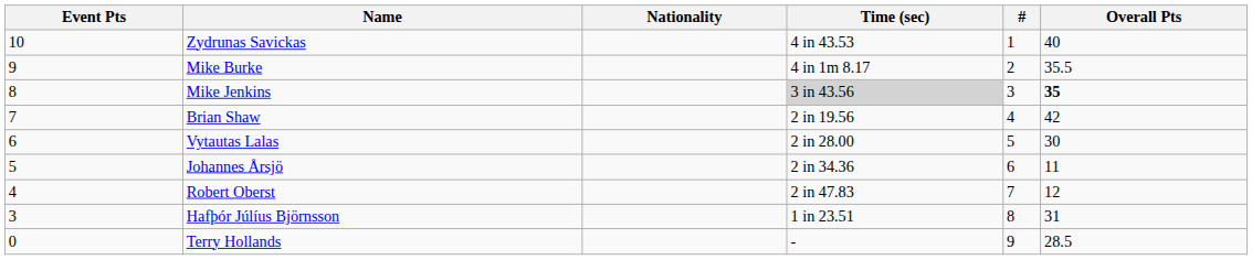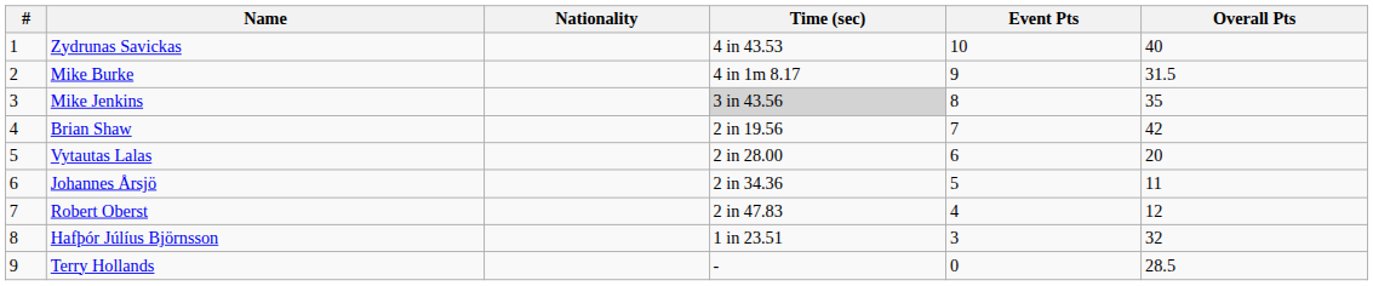 <table class="wikitable sortable" style="display: inline-table; width: 100%;">
 <tr>
-<th>Event Pts</th>
+<th>#</th>
 <th>Name</th>
 <th>Nationality</th>
 <th>Time (sec)</th>
-<th>#</th>
+<th>Event Pts</th>
 <th>Overall Pts</th>
 </tr>
 <tr>
-<td>10</td>
+<td>1</td>
 <td><a href='#'>Zydrunas Savickas</a></td>
 <td></td>
 <td>4 in 43.53</td>
-<td>1</td>
+<td>10</td>
 <td>40</td>
 </tr>
 <tr>
-<td>9</td>
+<td>2</td>
 <td><a href='#'>Mike Burke</a></td>
 <td></td>
 <td>4 in 1m 8.17</td>
-<td>2</td>
-<td>35.5</td>
+<td>9</td>
+<td>31.5</td>
+</tr>
+<tr>
+<td>3</td>
+<td><a href='#'>Mike Jenkins</a></td>
+<td></td>
+<td style="background: lightgrey;">3 in 43.56</td>
+<td>8</td>
+<td>35</td>
+</tr>
+<tr>
+<td>4</td>
+<td><a href='#'>Brian Shaw</a></td>
+<td></td>
+<td>2 in 19.56</td>
+<td>7</td>
+<td>42</td>
+</tr>
+<tr>
+<td>5</td>
+<td><a href='#'>Vytautas Lalas</a></td>
+<td></td>
+<td>2 in 28.00</td>
+<td>6</td>
+<td>20</td>
+</tr>
+<tr>
+<td>6</td>
+<td><a href='#'>Johannes Årsjö</a></td>
+<td></td>
+<td>2 in 34.36</td>
+<td>5</td>
+<td>11</td>
+</tr>
+<tr>
+<td>7</td>
+<td><a href='#'>Robert Oberst</a></td>
+<td></td>
+<td>2 in 47.83</td>
+<td>4</td>
+<td>12</td>
 </tr>
 <tr>
 <td>8</td>
-<td><a href='#'>Mike Jenkins</a></td>
-<td></td>
-<td style="background: lightgrey;">3 in 43.56</td>
-<td>3</td>
-<td><strong>35</strong></td>
-</tr>
-<tr>
-<td>7</td>
-<td><a href='#'>Brian Shaw</a></td>
-<td></td>
-<td>2 in 19.56</td>
-<td>4</td>
-<td>42</td>
-</tr>
-<tr>
-<td>6</td>
-<td><a href='#'>Vytautas Lalas</a></td>
-<td></td>
-<td>2 in 28.00</td>
-<td>5</td>
-<td>30</td>
-</tr>
-<tr>
-<td>5</td>
-<td><a href='#'>Johannes Årsjö</a></td>
-<td></td>
-<td>2 in 34.36</td>
-<td>6</td>
-<td>11</td>
-</tr>
-<tr>
-<td>4</td>
-<td><a href='#'>Robert Oberst</a></td>
-<td></td>
-<td>2 in 47.83</td>
-<td>7</td>
-<td>12</td>
-</tr>
-<tr>
-<td>3</td>
 <td><a href='#'>Hafþór Júlíus Björnsson</a></td>
 <td></td>
 <td>1 in 23.51</td>
-<td>8</td>
-<td>31</td>
+<td>3</td>
+<td>32</td>
 </tr>
 <tr>
-<td>0</td>
+<td>9</td>
 <td><a href='#'>Terry Hollands</a></td>
 <td></td>
 <td>-</td>
-<td>9</td>
+<td>0</td>
 <td>28.5</td>
 </tr>
 </table>
